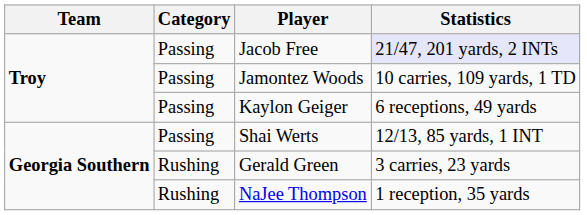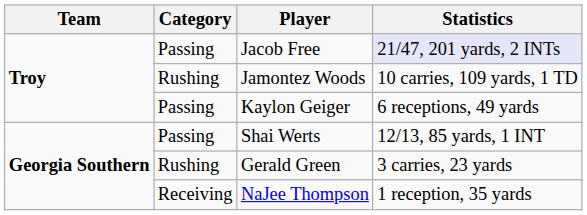 <table class="wikitable" style="float: left;">
 <tr>
 <th>Team</th>
 <th>Category</th>
 <th>Player</th>
 <th>Statistics</th>
 </tr>
 <tr>
 <td rowspan=3><strong>Troy</strong></td>
 <td>Passing</td>
 <td>Jacob Free</td>
 <td style="background: lavender;">21/47, 201 yards, 2 INTs</td>
 </tr>
 <tr>
-<td>Passing</td>
+<td>Rushing</td>
 <td>Jamontez Woods</td>
 <td>10 carries, 109 yards, 1 TD</td>
 </tr>
 <tr>
 <td>Passing</td>
 <td>Kaylon Geiger</td>
 <td>6 receptions, 49 yards</td>
 </tr>
 <tr>
 <td rowspan=3><strong>Georgia Southern</strong></td>
 <td>Passing</td>
 <td>Shai Werts</td>
 <td>12/13, 85 yards, 1 INT</td>
 </tr>
 <tr>
 <td>Rushing</td>
 <td>Gerald Green</td>
 <td>3 carries, 23 yards</td>
 </tr>
 <tr>
-<td>Rushing</td>
+<td>Receiving</td>
 <td><a href='#'>NaJee Thompson</a></td>
 <td>1 reception, 35 yards</td>
 </tr>
 </table>
